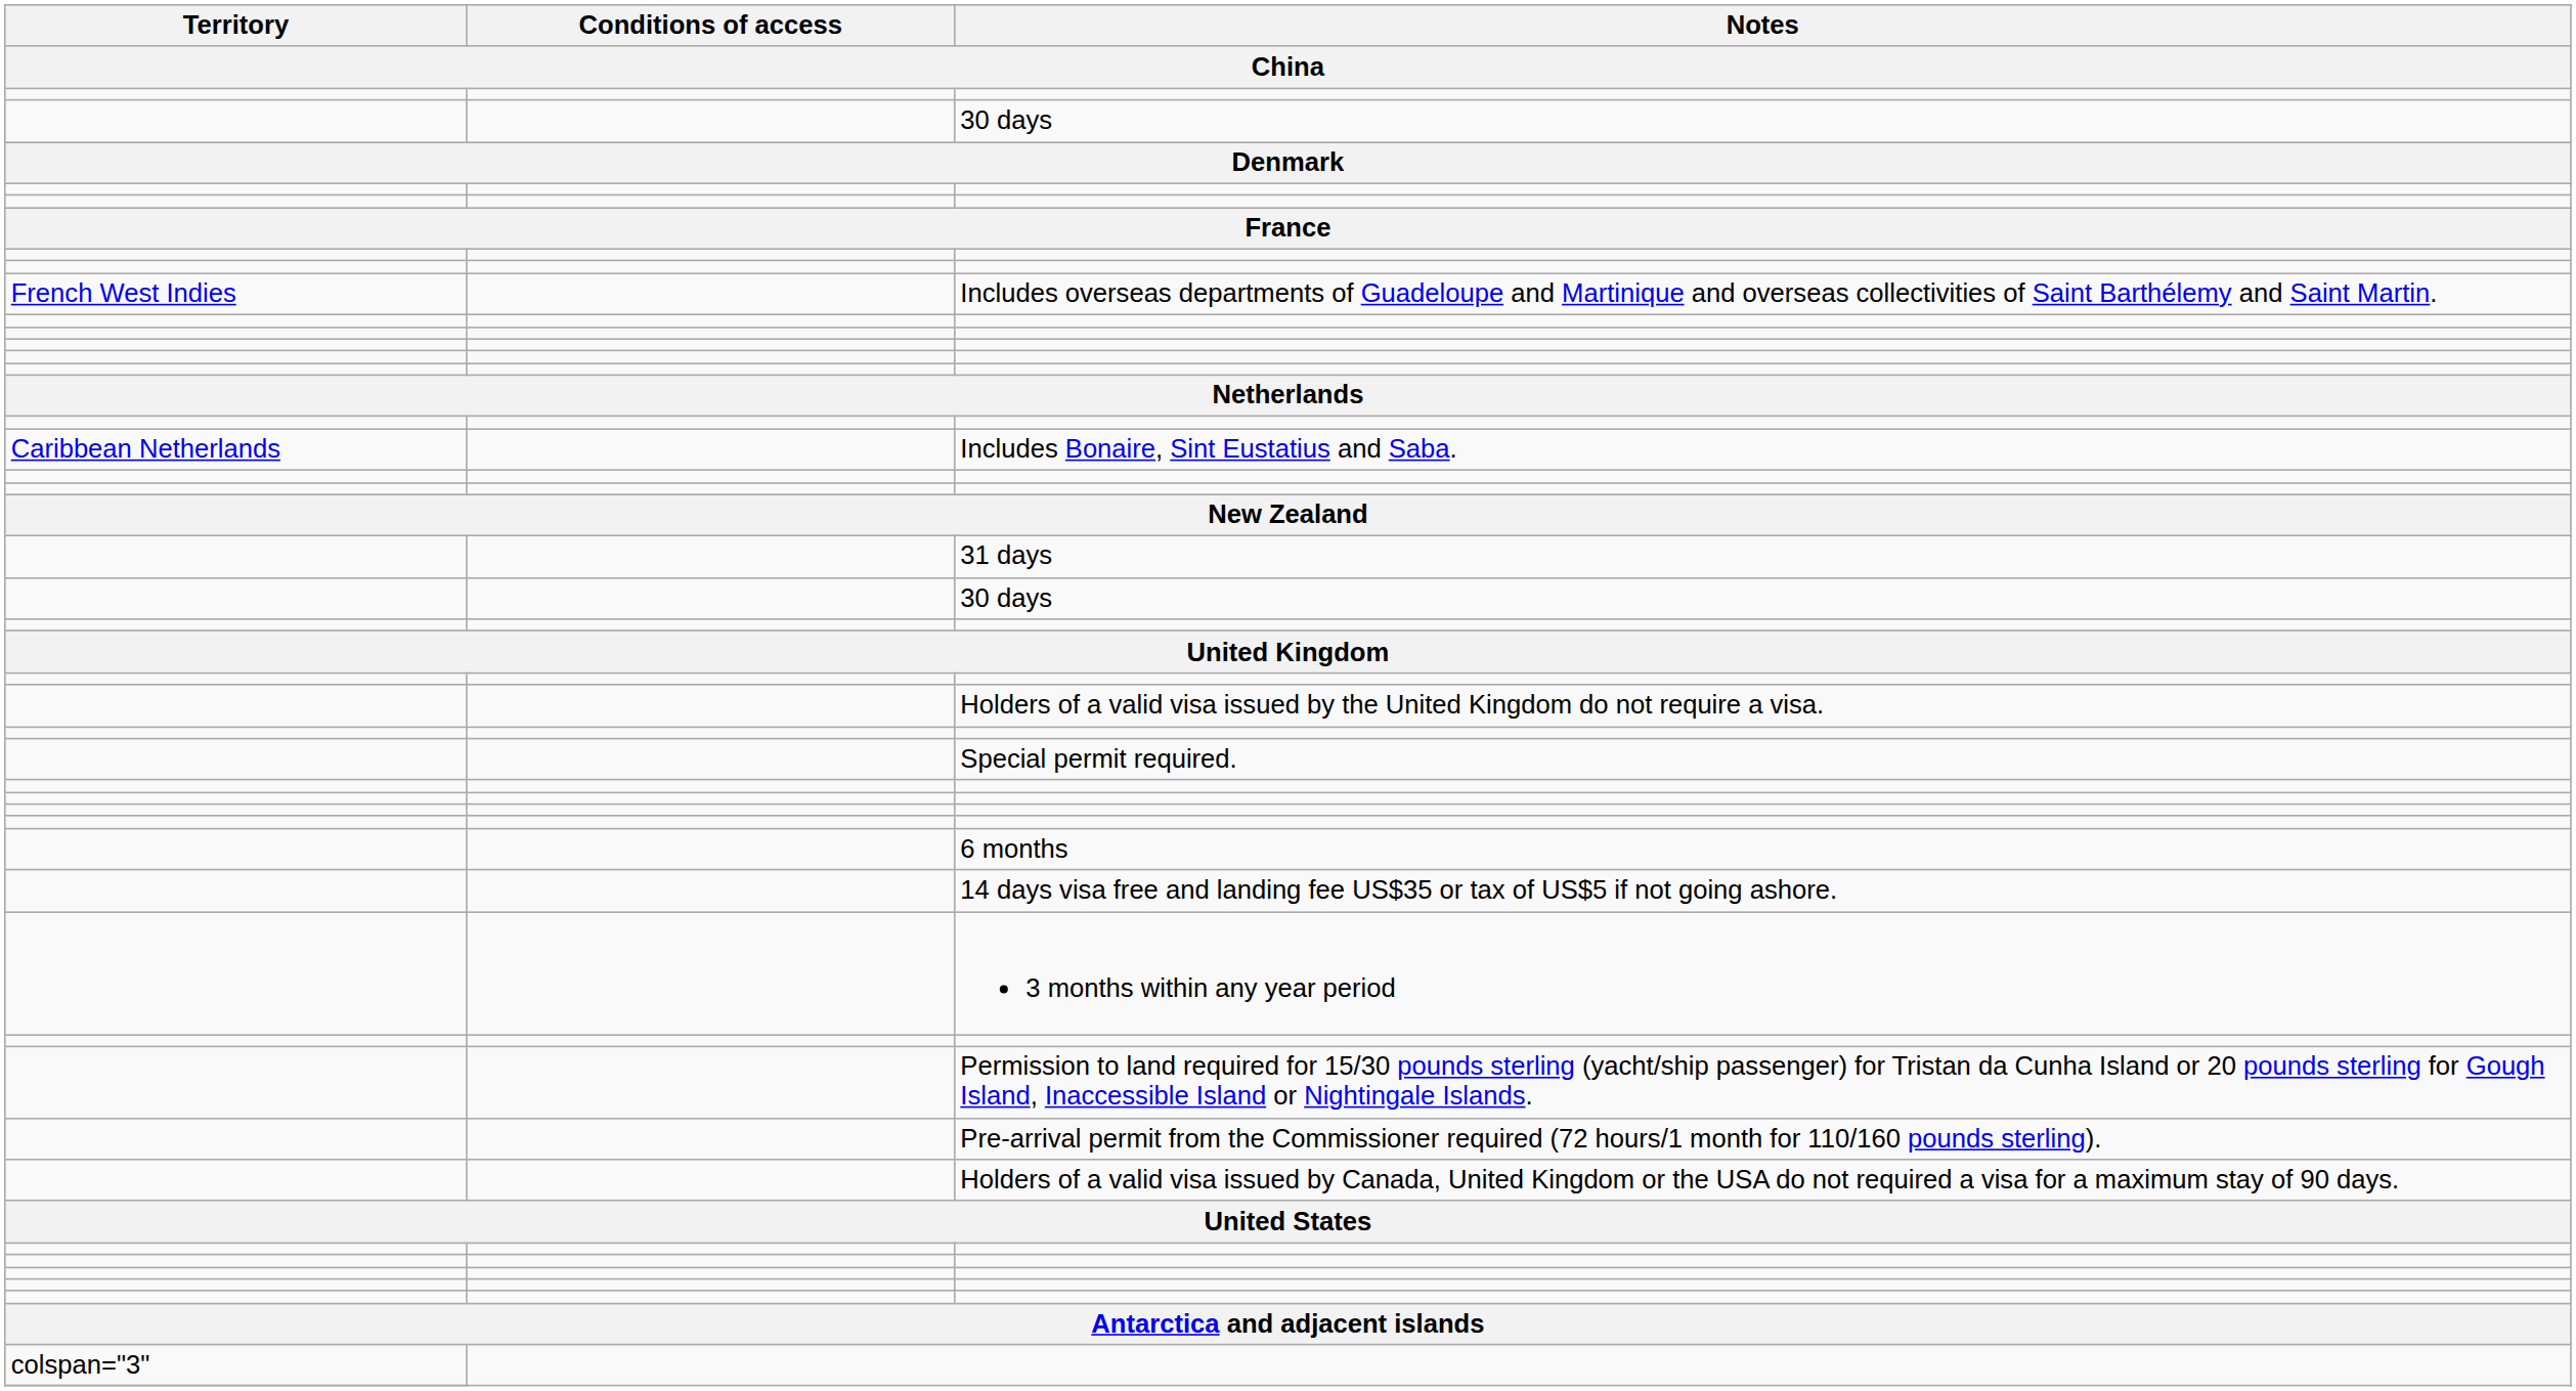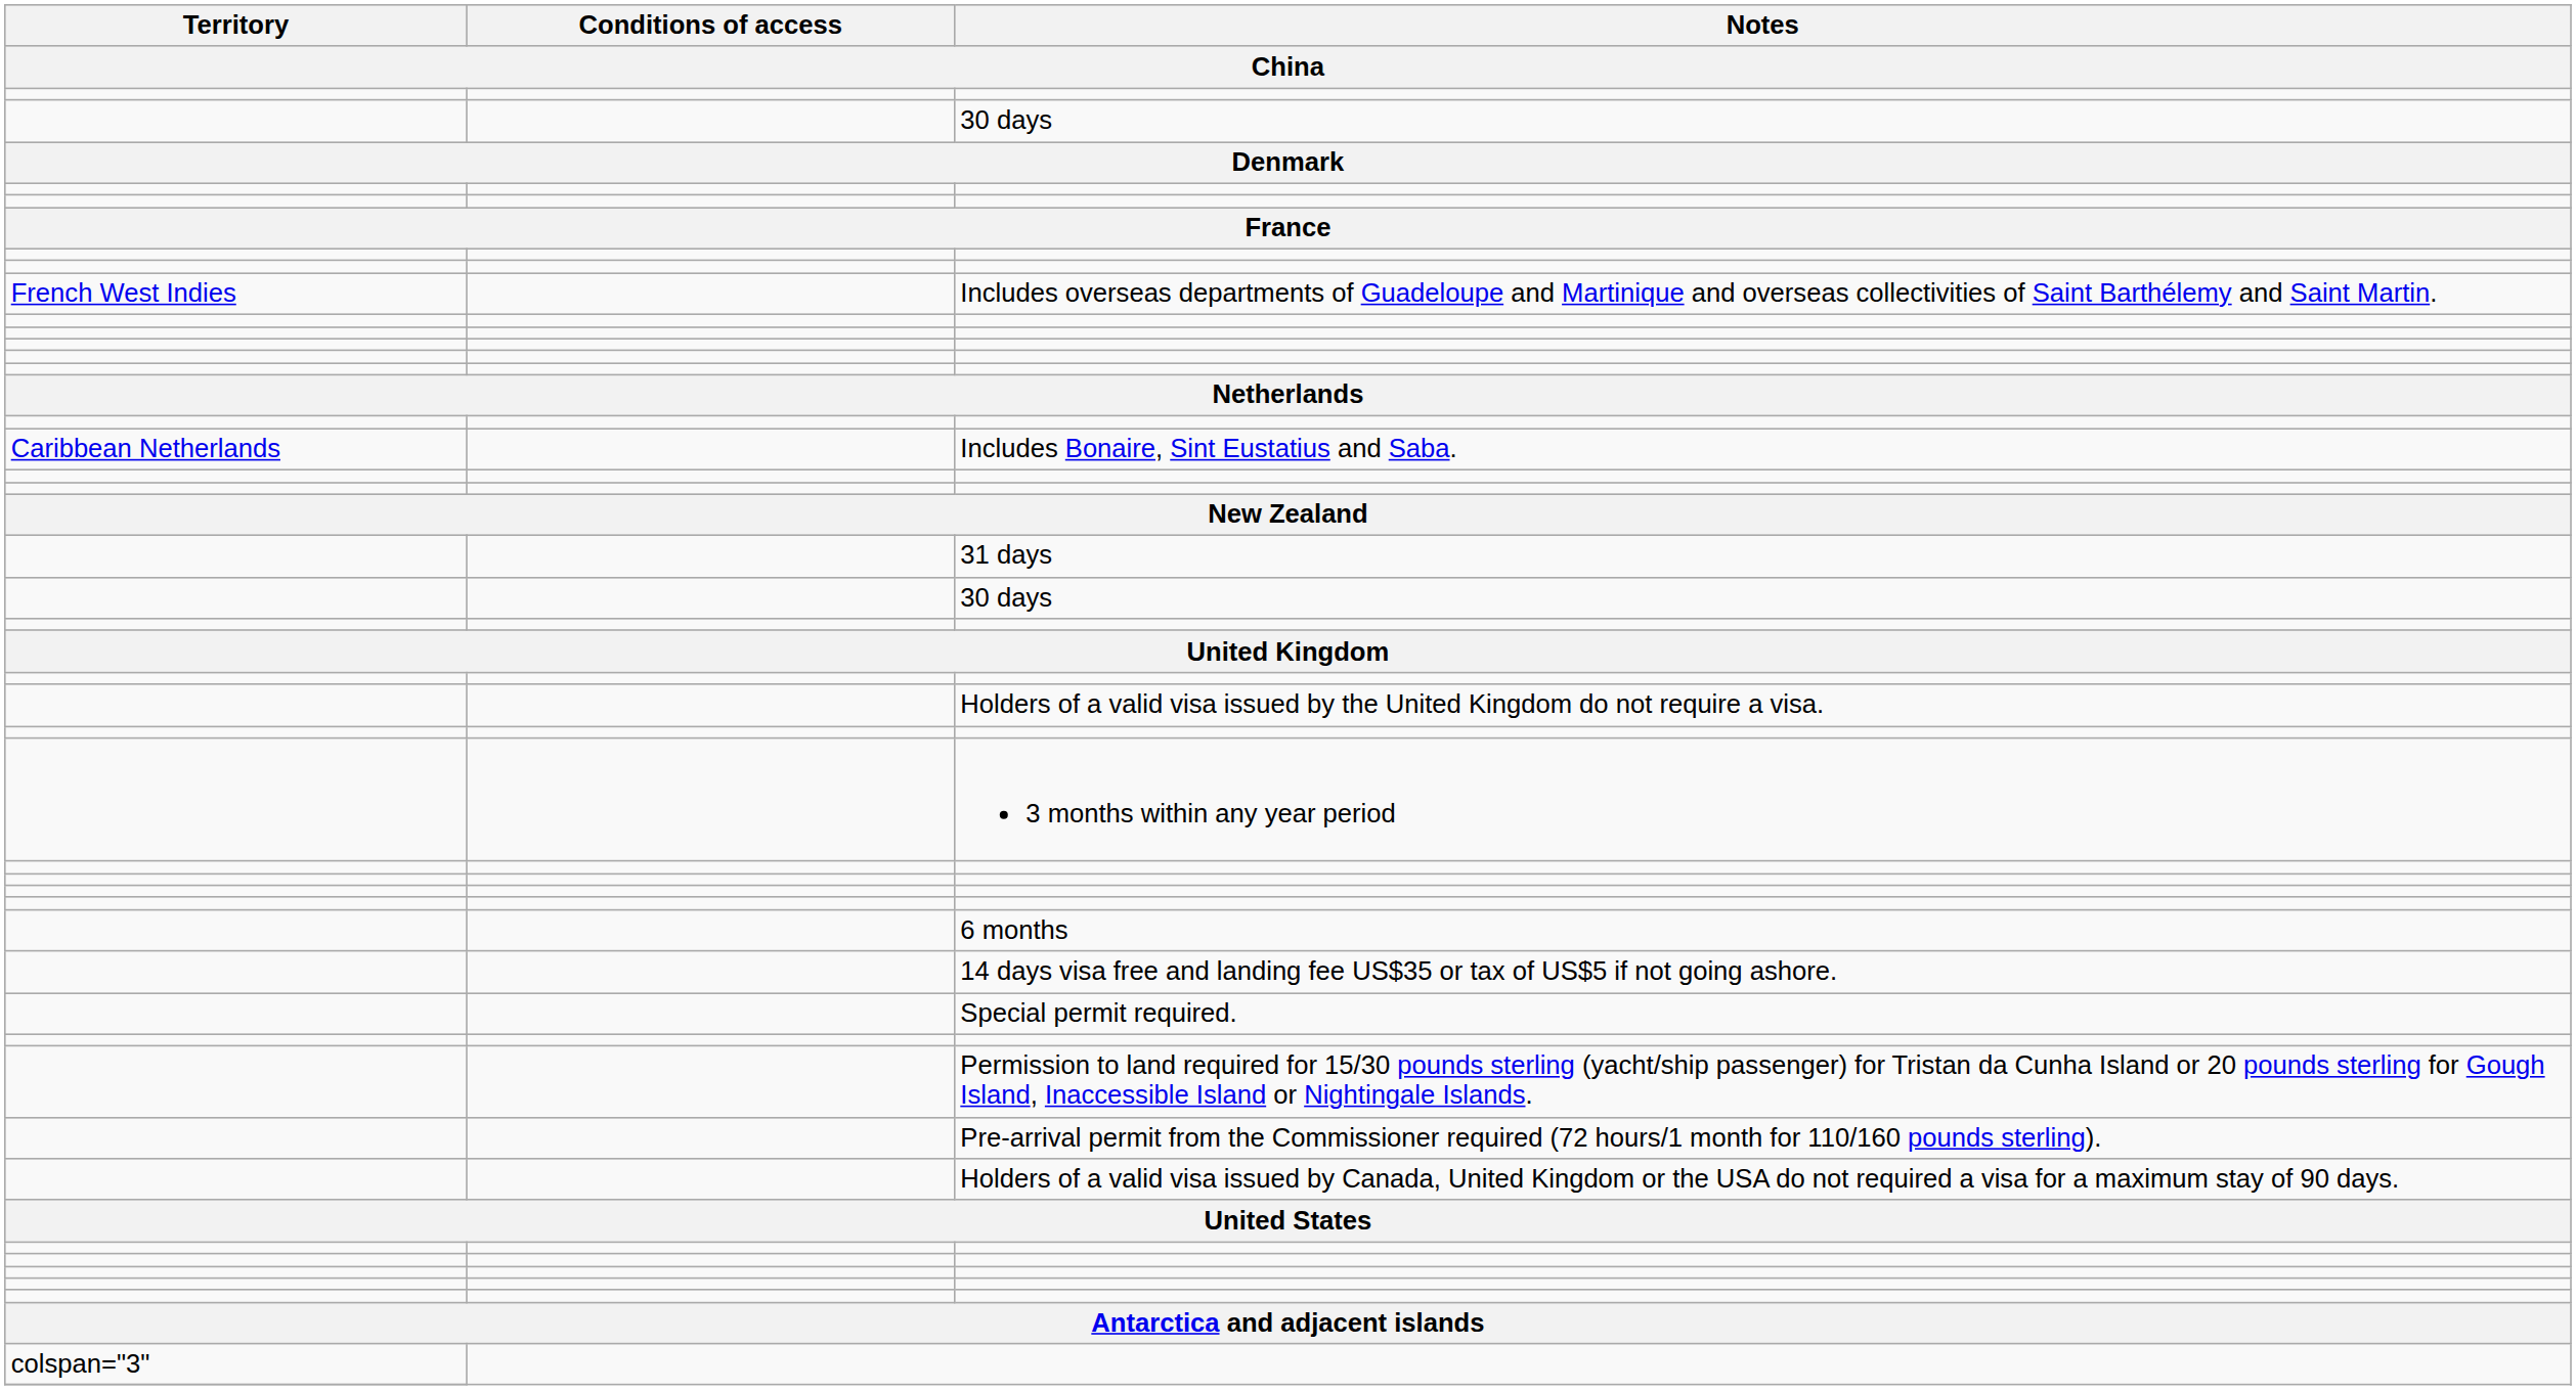 <table class="wikitable" style="text-align: left; table-layout: fixed;">
 <tr>
 <th width="18%">Territory</th>
 <th width="19%">Conditions of access</th>
 <th>Notes</th>
 </tr>
 <tr>
 <th colspan="3">China</th>
 </tr>
 <tr>
 <td></td>
 <td></td>
 <td></td>
 </tr>
 <tr>
 <td></td>
 <td></td>
 <td>30 days</td>
 </tr>
 <tr>
 <th colspan="3">Denmark</th>
 </tr>
 <tr>
 <td></td>
 <td></td>
 <td></td>
 </tr>
 <tr>
 <td></td>
 <td></td>
 <td></td>
 </tr>
 <tr>
 <th colspan="3">France</th>
 </tr>
 <tr>
 <td></td>
 <td></td>
 <td></td>
 </tr>
 <tr>
 <td></td>
 <td></td>
 <td></td>
 </tr>
 <tr>
 <td> <a href='#'>French West Indies</a></td>
 <td></td>
 <td>Includes overseas departments of <a href='#'>Guadeloupe</a> and <a href='#'>Martinique</a> and overseas collectivities of <a href='#'>Saint Barthélemy</a> and <a href='#'>Saint Martin</a>.</td>
 </tr>
 <tr>
 <td></td>
 <td></td>
 <td></td>
 </tr>
 <tr>
 <td></td>
 <td></td>
 <td></td>
 </tr>
 <tr>
 <td></td>
 <td></td>
 <td></td>
 </tr>
 <tr>
 <td></td>
 <td></td>
 <td></td>
 </tr>
 <tr>
 <td></td>
 <td></td>
 <td></td>
 </tr>
 <tr>
 <th colspan="3">Netherlands</th>
 </tr>
 <tr>
 <td></td>
 <td></td>
 <td></td>
 </tr>
 <tr>
 <td> <a href='#'>Caribbean Netherlands</a></td>
 <td></td>
 <td>Includes <a href='#'>Bonaire</a>, <a href='#'>Sint Eustatius</a> and <a href='#'>Saba</a>.</td>
 </tr>
 <tr>
 <td></td>
 <td></td>
 <td></td>
 </tr>
 <tr>
 <td></td>
 <td></td>
 <td></td>
 </tr>
 <tr>
 <th colspan="3">New Zealand</th>
 </tr>
 <tr>
 <td></td>
 <td></td>
 <td>31 days</td>
 </tr>
 <tr>
 <td></td>
 <td></td>
 <td>30 days</td>
 </tr>
 <tr>
 <td></td>
 <td></td>
 <td></td>
 </tr>
 <tr>
 <th colspan="3">United Kingdom</th>
 </tr>
 <tr>
 <td></td>
 <td></td>
 <td></td>
 </tr>
 <tr>
 <td></td>
 <td></td>
 <td>Holders of a valid visa issued by the United Kingdom do not require a visa.</td>
 </tr>
 <tr>
 <td></td>
 <td></td>
 <td></td>
 </tr>
 <tr>
 <td></td>
 <td></td>
-<td>Special permit required.</td>
+<td><br><ul><li>3 months within any year period</li></ul></td>
 </tr>
 <tr>
 <td></td>
 <td></td>
 <td></td>
 </tr>
 <tr>
 <td></td>
 <td></td>
 <td></td>
 </tr>
 <tr>
 <td></td>
 <td></td>
 <td></td>
 </tr>
 <tr>
 <td></td>
 <td></td>
 <td></td>
 </tr>
 <tr>
 <td></td>
 <td></td>
 <td>6 months</td>
 </tr>
 <tr>
 <td></td>
 <td></td>
 <td>14 days visa free and landing fee US$35 or tax of US$5 if not going ashore.</td>
 </tr>
 <tr>
 <td></td>
 <td></td>
-<td><br><ul><li>3 months within any year period</li></ul></td>
+<td>Special permit required.</td>
 </tr>
 <tr>
 <td></td>
 <td></td>
 <td></td>
 </tr>
 <tr>
 <td></td>
 <td></td>
 <td>Permission to land required for 15/30 <a href='#'>pounds sterling</a> (yacht/ship passenger) for Tristan da Cunha Island or 20 <a href='#'>pounds sterling</a> for <a href='#'>Gough Island</a>, <a href='#'>Inaccessible Island</a> or <a href='#'>Nightingale Islands</a>.</td>
 </tr>
 <tr>
 <td></td>
 <td></td>
 <td>Pre-arrival permit from the Commissioner required (72 hours/1 month for 110/160 <a href='#'>pounds sterling</a>).</td>
 </tr>
 <tr>
 <td></td>
 <td></td>
 <td>Holders of a valid visa issued by Canada, United Kingdom or the USA do not required a visa for a maximum stay of 90 days.</td>
 </tr>
 <tr>
 <th colspan="3">United States</th>
 </tr>
 <tr>
 <td></td>
 <td></td>
 <td></td>
 </tr>
 <tr>
 <td></td>
 <td></td>
 <td></td>
 </tr>
 <tr>
 <td></td>
 <td></td>
 <td></td>
 </tr>
 <tr>
 <td></td>
 <td></td>
 <td></td>
 </tr>
 <tr>
 <td></td>
 <td></td>
 <td></td>
 </tr>
 <tr>
 <th colspan="3"><a href='#'>Antarctica</a> and adjacent islands</th>
 </tr>
 <tr>
 <td>colspan="3" </td>
 </tr>
 <tr>
 </tr>
 </table>
